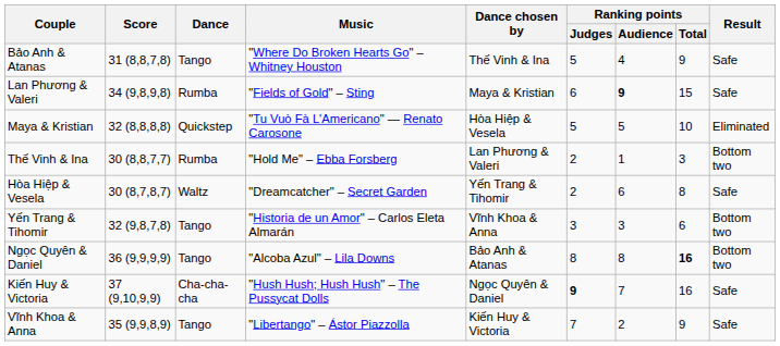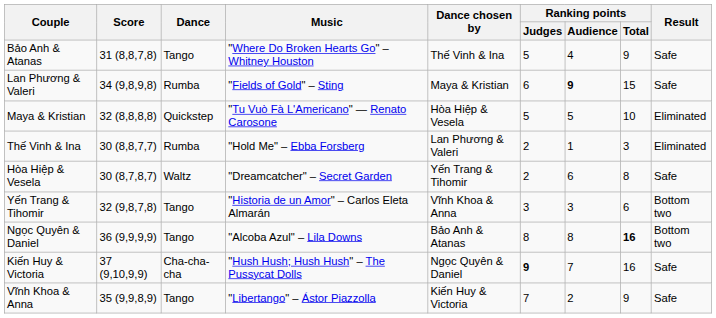 <table class="wikitable" style="width:80%;">
 <tr>
 <th rowspan=2>Couple</th>
 <th rowspan=2>Score</th>
 <th rowspan=2>Dance</th>
 <th rowspan=2>Music</th>
 <th rowspan=2>Dance chosen by</th>
 <th colspan=3>Ranking points</th>
 <th rowspan=2>Result</th>
 </tr>
 <tr>
 <th>Judges</th>
 <th>Audience</th>
 <th>Total</th>
 </tr>
 <tr>
 <td>Bảo Anh & Atanas</td>
 <td>31 (8,8,7,8)</td>
 <td>Tango</td>
 <td>"<a href='#'>Where Do Broken Hearts Go</a>" – <a href='#'>Whitney Houston</a></td>
 <td>Thế Vinh & Ina</td>
 <td>5</td>
 <td>4</td>
 <td>9</td>
 <td>Safe</td>
 </tr>
 <tr>
 <td>Lan Phương & Valeri</td>
 <td>34 (9,8,9,8)</td>
 <td>Rumba</td>
 <td>"<a href='#'>Fields of Gold</a>" – <a href='#'>Sting</a></td>
 <td>Maya & Kristian</td>
 <td>6</td>
 <td><strong>9</strong></td>
 <td>15</td>
 <td>Safe</td>
 </tr>
 <tr>
 <td>Maya & Kristian</td>
 <td>32 (8,8,8,8)</td>
 <td>Quickstep</td>
 <td>"<a href='#'>Tu Vuò Fà L'Americano</a>" — <a href='#'>Renato Carosone</a></td>
 <td>Hòa Hiệp & Vesela</td>
 <td>5</td>
 <td>5</td>
 <td>10</td>
 <td>Eliminated</td>
 </tr>
 <tr>
 <td>Thế Vinh & Ina</td>
 <td>30 (8,8,7,7)</td>
 <td>Rumba</td>
 <td>"Hold Me" – <a href='#'>Ebba Forsberg</a></td>
 <td>Lan Phương & Valeri</td>
 <td>2</td>
 <td>1</td>
 <td>3</td>
-<td>Bottom two</td>
+<td>Eliminated</td>
 </tr>
 <tr>
 <td>Hòa Hiệp & Vesela</td>
 <td>30 (8,7,8,7)</td>
 <td>Waltz</td>
 <td>"Dreamcatcher" – <a href='#'>Secret Garden</a></td>
 <td>Yến Trang & Tihomir</td>
 <td>2</td>
 <td>6</td>
 <td>8</td>
 <td>Safe</td>
 </tr>
 <tr>
 <td>Yến Trang & Tihomir</td>
 <td>32 (9,8,7,8)</td>
 <td>Tango</td>
 <td>"<a href='#'>Historia de un Amor</a>" – Carlos Eleta Almarán</td>
 <td>Vĩnh Khoa & Anna</td>
 <td>3</td>
 <td>3</td>
 <td>6</td>
 <td>Bottom two</td>
 </tr>
 <tr>
 <td>Ngọc Quyên & Daniel</td>
 <td>36 (9,9,9,9)</td>
 <td>Tango</td>
 <td>"Alcoba Azul" – <a href='#'>Lila Downs</a></td>
 <td>Bảo Anh & Atanas</td>
 <td>8</td>
 <td>8</td>
 <td><strong>16</strong></td>
 <td>Bottom two</td>
 </tr>
 <tr>
 <td>Kiến Huy & Victoria</td>
 <td>37 (9,10,9,9)</td>
 <td>Cha-cha-cha</td>
 <td>"<a href='#'>Hush Hush; Hush Hush</a>" – <a href='#'>The Pussycat Dolls</a></td>
 <td>Ngọc Quyên & Daniel</td>
 <td><strong>9</strong></td>
 <td>7</td>
 <td>16</td>
 <td>Safe</td>
 </tr>
 <tr>
 <td>Vĩnh Khoa & Anna</td>
 <td>35 (9,9,8,9)</td>
 <td>Tango</td>
 <td>"<a href='#'>Libertango</a>" – <a href='#'>Ástor Piazzolla</a></td>
 <td>Kiến Huy & Victoria</td>
 <td>7</td>
 <td>2</td>
 <td>9</td>
 <td>Safe</td>
 </tr>
 </table>
